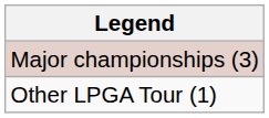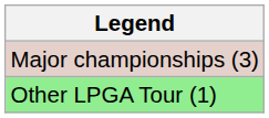 <table class="wikitable" style="font-size:95%;">
 <tr>
 <th>Legend</th>
 </tr>
 <tr style="background:#e5d1cb;">
 <td>Major championships (3)</td>
 </tr>
 <tr>
-<td>Other LPGA Tour (1)</td>
+<td style="background: lightgreen;">Other LPGA Tour (1)</td>
 </tr>
 </table>
